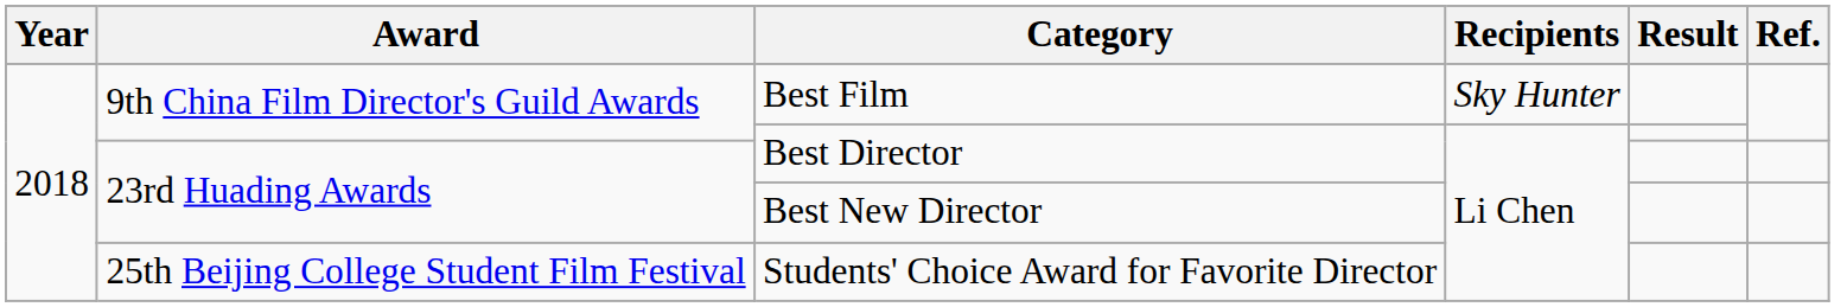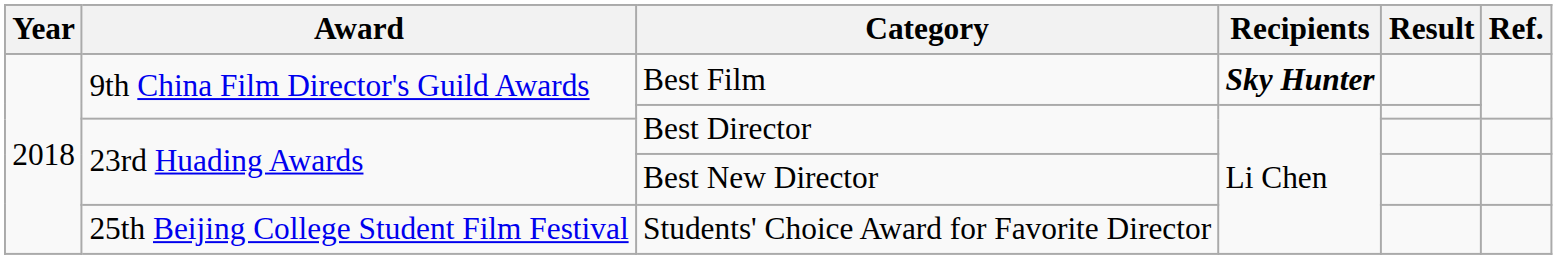 <table class="wikitable">
 <tr>
 <th>Year</th>
 <th>Award</th>
 <th>Category</th>
 <th>Recipients</th>
 <th>Result</th>
 <th>Ref.</th>
 </tr>
 <tr>
 <td rowspan=5>2018</td>
 <td rowspan=2>9th <a href='#'>China Film Director's Guild Awards</a></td>
 <td>Best Film</td>
-<td><em>Sky Hunter</em></td>
+<td><strong><em>Sky Hunter</em></strong></td>
 <td></td>
 <td rowspan=2></td>
 </tr>
 <tr>
 <td rowspan=2>Best Director</td>
 <td rowspan=4>Li Chen</td>
 <td></td>
 </tr>
 <tr>
 <td rowspan=2>23rd <a href='#'>Huading Awards</a></td>
 <td></td>
 <td></td>
 </tr>
 <tr>
 <td>Best New Director</td>
 <td></td>
 <td></td>
 </tr>
 <tr>
 <td>25th <a href='#'>Beijing College Student Film Festival</a></td>
 <td>Students' Choice Award for Favorite Director</td>
 <td></td>
 <td></td>
 </tr>
 </table>
